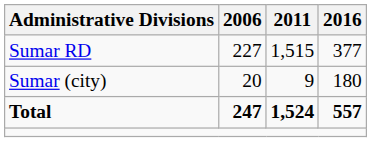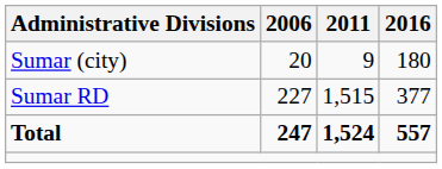 <table class="wikitable">
 <tr>
 <th>Administrative Divisions</th>
 <th>2006</th>
 <th>2011</th>
 <th>2016</th>
 </tr>
 <tr>
+<td><a href='#'>Sumar</a> (city)</td>
+<td style="text-align: right;">20</td>
+<td style="text-align: right;">9</td>
+<td style="text-align: right;">180</td>
+</tr>
+<tr>
 <td><a href='#'>Sumar RD</a></td>
 <td style="text-align: right;">227</td>
 <td style="text-align: right;">1,515</td>
 <td style="text-align: right;">377</td>
-</tr>
-<tr>
-<td><a href='#'>Sumar</a> (city)</td>
-<td style="text-align: right;">20</td>
-<td style="text-align: right;">9</td>
-<td style="text-align: right;">180</td>
 </tr>
 <tr>
 <td><strong>Total</strong></td>
 <td style="text-align: right;"><strong>247</strong></td>
 <td style="text-align: right;"><strong>1,524</strong></td>
 <td style="text-align: right;"><strong>557</strong></td>
 </tr>
 <tr>
 <td colspan=4></td>
 </tr>
 </table>
